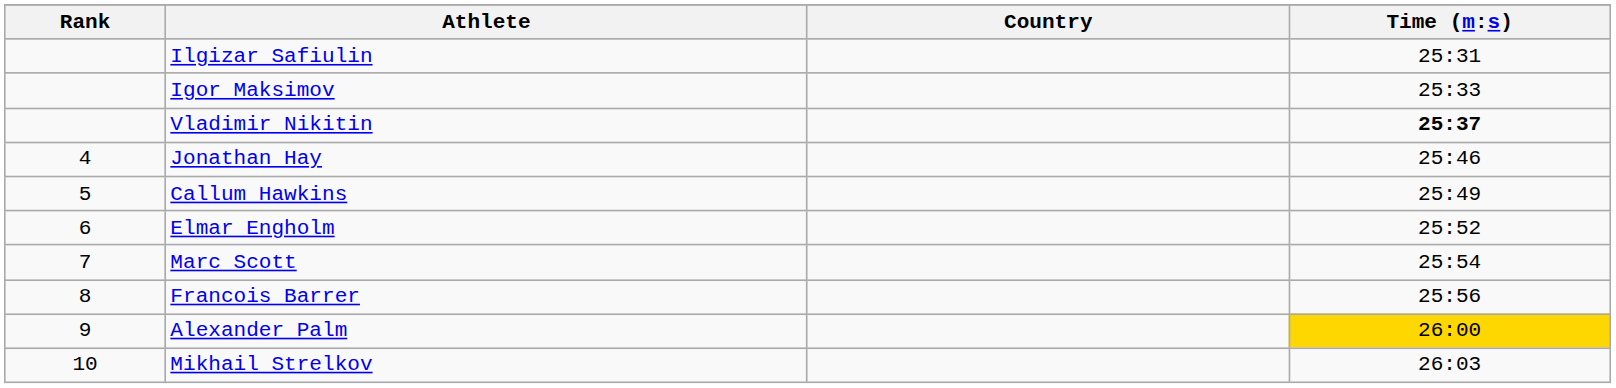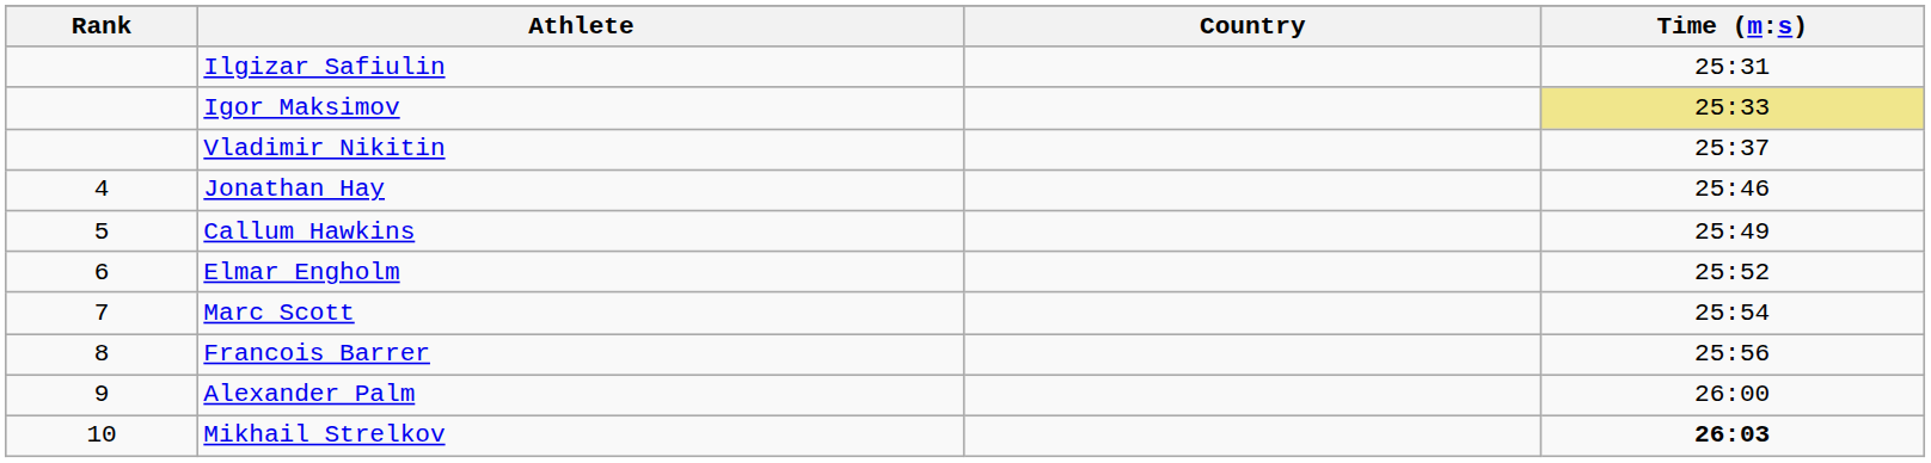 <table class="wikitable" style="text-align:center;" width="50%">
 <tr>
 </tr>
 <tr>
 <th width=5%>Rank</th>
 <th width=20%>Athlete</th>
 <th width=15%>Country</th>
 <th width=10%>Time (<a href='#'>m</a>:<a href='#'>s</a>)</th>
 </tr>
 <tr>
 <td></td>
 <td align="left"><a href='#'>Ilgizar Safiulin</a></td>
 <td align="left"></td>
 <td>25:31</td>
 </tr>
 <tr>
 <td></td>
 <td align="left"><a href='#'>Igor Maksimov</a></td>
 <td align="left"></td>
-<td>25:33</td>
+<td style="background: khaki;">25:33</td>
 </tr>
 <tr>
 <td></td>
 <td align="left"><a href='#'>Vladimir Nikitin</a></td>
 <td align="left"></td>
-<td><strong>25:37</strong></td>
+<td>25:37</td>
 </tr>
 <tr>
 <td>4</td>
 <td align="left"><a href='#'>Jonathan Hay</a></td>
 <td align="left"></td>
 <td>25:46</td>
 </tr>
 <tr>
 <td>5</td>
 <td align="left"><a href='#'>Callum Hawkins</a></td>
 <td align="left"></td>
 <td>25:49</td>
 </tr>
 <tr>
 <td>6</td>
 <td align="left"><a href='#'>Elmar Engholm</a></td>
 <td align="left"></td>
 <td>25:52</td>
 </tr>
 <tr>
 <td>7</td>
 <td align="left"><a href='#'>Marc Scott</a></td>
 <td align="left"></td>
 <td>25:54</td>
 </tr>
 <tr>
 <td>8</td>
 <td align="left"><a href='#'>Francois Barrer</a></td>
 <td align="left"></td>
 <td>25:56</td>
 </tr>
 <tr>
 <td>9</td>
 <td align="left"><a href='#'>Alexander Palm</a></td>
 <td align="left"></td>
-<td style="background: gold;">26:00</td>
+<td>26:00</td>
 </tr>
 <tr>
 <td>10</td>
 <td align="left"><a href='#'>Mikhail Strelkov</a></td>
 <td align="left"></td>
-<td>26:03</td>
+<td><strong>26:03</strong></td>
 </tr>
 </table>
